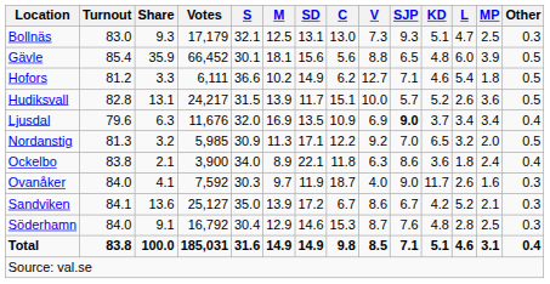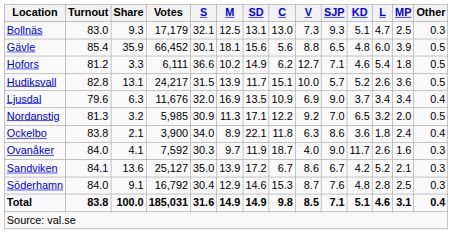 <table class="wikitable sortable" style=text-align:right>
 <tr>
 <th>Location</th>
 <th>Turnout</th>
 <th>Share</th>
 <th>Votes</th>
 <th><a href='#'>S</a></th>
 <th><a href='#'>M</a></th>
 <th><a href='#'>SD</a></th>
 <th><a href='#'>C</a></th>
 <th><a href='#'>V</a></th>
 <th><a href='#'>SJP</a></th>
 <th><a href='#'>KD</a></th>
 <th><a href='#'>L</a></th>
 <th><a href='#'>MP</a></th>
 <th>Other</th>
 </tr>
 <tr>
 <td align=left><a href='#'>Bollnäs</a></td>
 <td>83.0</td>
 <td>9.3</td>
 <td>17,179</td>
 <td>32.1</td>
 <td>12.5</td>
 <td>13.1</td>
 <td>13.0</td>
 <td>7.3</td>
 <td>9.3</td>
 <td>5.1</td>
 <td>4.7</td>
 <td>2.5</td>
 <td>0.3</td>
 </tr>
 <tr>
 <td align=left><a href='#'>Gävle</a></td>
 <td>85.4</td>
 <td>35.9</td>
 <td>66,452</td>
 <td>30.1</td>
 <td>18.1</td>
 <td>15.6</td>
 <td>5.6</td>
 <td>8.8</td>
 <td>6.5</td>
 <td>4.8</td>
 <td>6.0</td>
 <td>3.9</td>
 <td>0.5</td>
 </tr>
 <tr>
 <td align=left><a href='#'>Hofors</a></td>
 <td>81.2</td>
 <td>3.3</td>
 <td>6,111</td>
 <td>36.6</td>
 <td>10.2</td>
 <td>14.9</td>
 <td>6.2</td>
 <td>12.7</td>
 <td>7.1</td>
 <td>4.6</td>
 <td>5.4</td>
 <td>1.8</td>
 <td>0.5</td>
 </tr>
 <tr>
 <td align=left><a href='#'>Hudiksvall</a></td>
 <td>82.8</td>
 <td>13.1</td>
 <td>24,217</td>
 <td>31.5</td>
 <td>13.9</td>
 <td>11.7</td>
 <td>15.1</td>
 <td>10.0</td>
 <td>5.7</td>
 <td>5.2</td>
 <td>2.6</td>
 <td>3.6</td>
 <td>0.5</td>
 </tr>
 <tr>
 <td align=left><a href='#'>Ljusdal</a></td>
 <td>79.6</td>
 <td>6.3</td>
 <td>11,676</td>
 <td>32.0</td>
 <td>16.9</td>
 <td>13.5</td>
 <td>10.9</td>
 <td>6.9</td>
-<td><strong>9.0</strong></td>
+<td>9.0</td>
 <td>3.7</td>
 <td>3.4</td>
 <td>3.4</td>
 <td>0.4</td>
 </tr>
 <tr>
 <td align=left><a href='#'>Nordanstig</a></td>
 <td>81.3</td>
 <td>3.2</td>
 <td>5,985</td>
 <td>30.9</td>
 <td>11.3</td>
 <td>17.1</td>
 <td>12.2</td>
 <td>9.2</td>
 <td>7.0</td>
 <td>6.5</td>
 <td>3.2</td>
 <td>2.0</td>
 <td>0.5</td>
 </tr>
 <tr>
 <td align=left><a href='#'>Ockelbo</a></td>
 <td>83.8</td>
 <td>2.1</td>
 <td>3,900</td>
 <td>34.0</td>
 <td>8.9</td>
 <td>22.1</td>
 <td>11.8</td>
 <td>6.3</td>
 <td>8.6</td>
 <td>3.6</td>
 <td>1.8</td>
 <td>2.4</td>
 <td>0.4</td>
 </tr>
 <tr>
 <td align=left><a href='#'>Ovanåker</a></td>
 <td>84.0</td>
 <td>4.1</td>
 <td>7,592</td>
 <td>30.3</td>
 <td>9.7</td>
 <td>11.9</td>
 <td>18.7</td>
 <td>4.0</td>
 <td>9.0</td>
 <td>11.7</td>
 <td>2.6</td>
 <td>1.6</td>
 <td>0.3</td>
 </tr>
 <tr>
 <td align=left><a href='#'>Sandviken</a></td>
 <td>84.1</td>
 <td>13.6</td>
 <td>25,127</td>
 <td>35.0</td>
 <td>13.9</td>
 <td>17.2</td>
 <td>6.7</td>
 <td>8.6</td>
 <td>6.7</td>
 <td>4.2</td>
 <td>5.2</td>
 <td>2.1</td>
 <td>0.3</td>
 </tr>
 <tr>
 <td align=left><a href='#'>Söderhamn</a></td>
 <td>84.0</td>
 <td>9.1</td>
 <td>16,792</td>
 <td>30.4</td>
 <td>12.9</td>
 <td>14.6</td>
 <td>15.3</td>
 <td>8.7</td>
 <td>7.6</td>
 <td>4.8</td>
 <td>2.8</td>
 <td>2.5</td>
 <td>0.3</td>
 </tr>
 <tr>
 <td align=left><strong>Total</strong></td>
 <td><strong>83.8</strong></td>
 <td><strong>100.0</strong></td>
 <td><strong>185,031</strong></td>
 <td><strong>31.6</strong></td>
 <td><strong>14.9</strong></td>
 <td><strong>14.9</strong></td>
 <td><strong>9.8</strong></td>
 <td><strong>8.5</strong></td>
 <td><strong>7.1</strong></td>
 <td><strong>5.1</strong></td>
 <td><strong>4.6</strong></td>
 <td><strong>3.1</strong></td>
 <td><strong>0.4</strong></td>
 </tr>
 <tr>
 <td align=left colspan=14>Source: val.se</td>
 </tr>
 </table>
